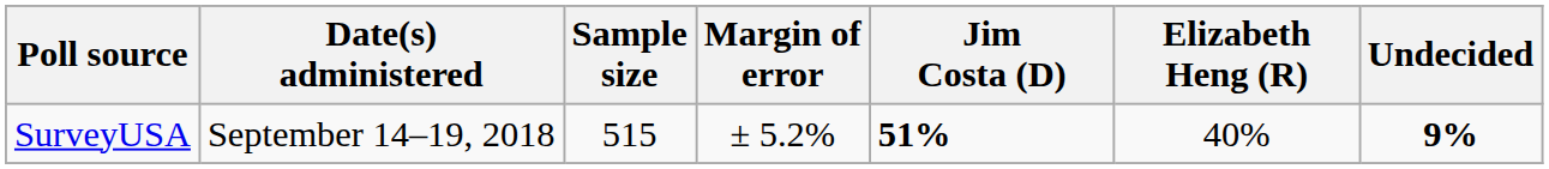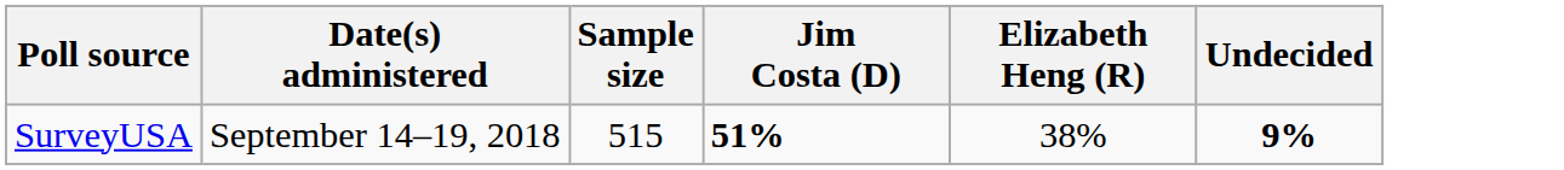 <table class="wikitable">
 <tr>
 <th>Poll source</th>
 <th>Date(s)<br>administered</th>
 <th>Sample<br>size</th>
-<th>Margin of<br>error</th>
 <th style="width:100px;">Jim<br>Costa (D)</th>
 <th style="width:100px;">Elizabeth<br>Heng (R)</th>
 <th>Undecided</th>
 </tr>
 <tr>
 <td><a href='#'>SurveyUSA</a></td>
 <td style="text-align:center">September 14–19, 2018</td>
 <td style="text-align:center">515</td>
-<td style="text-align:center">± 5.2%</td>
 <td style="background-color:"><strong>51%</strong></td>
-<td style="text-align:center">40%</td>
+<td style="text-align:center">38%</td>
 <td style="text-align:center"><strong>9%</strong></td>
 </tr>
 </table>
